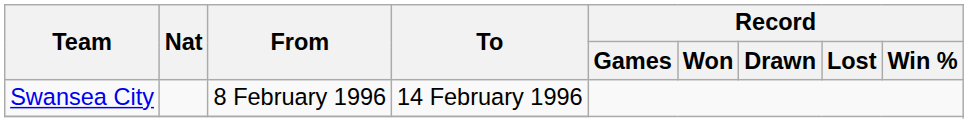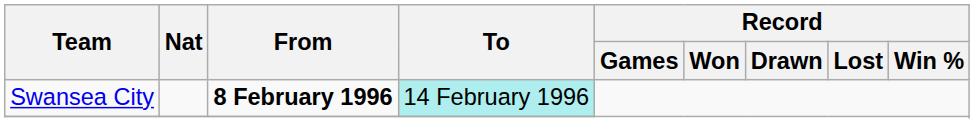 <table class="wikitable" style="text-align: center">
 <tr>
 <th rowspan="2">Team</th>
 <th rowspan="2">Nat</th>
 <th rowspan="2">From</th>
 <th rowspan="2">To</th>
 <th colspan="5">Record</th>
 </tr>
 <tr>
 <th>Games</th>
 <th>Won</th>
 <th>Drawn</th>
 <th>Lost</th>
 <th>Win %</th>
 </tr>
 <tr>
 <td><a href='#'>Swansea City</a></td>
 <td></td>
-<td>8 February 1996</td>
-<td>14 February 1996<br></td>
+<td><strong>8 February 1996</strong></td>
+<td style="background: paleturquoise;">14 February 1996<br></td>
 </tr>
 <tr>
 </tr>
 </table>
